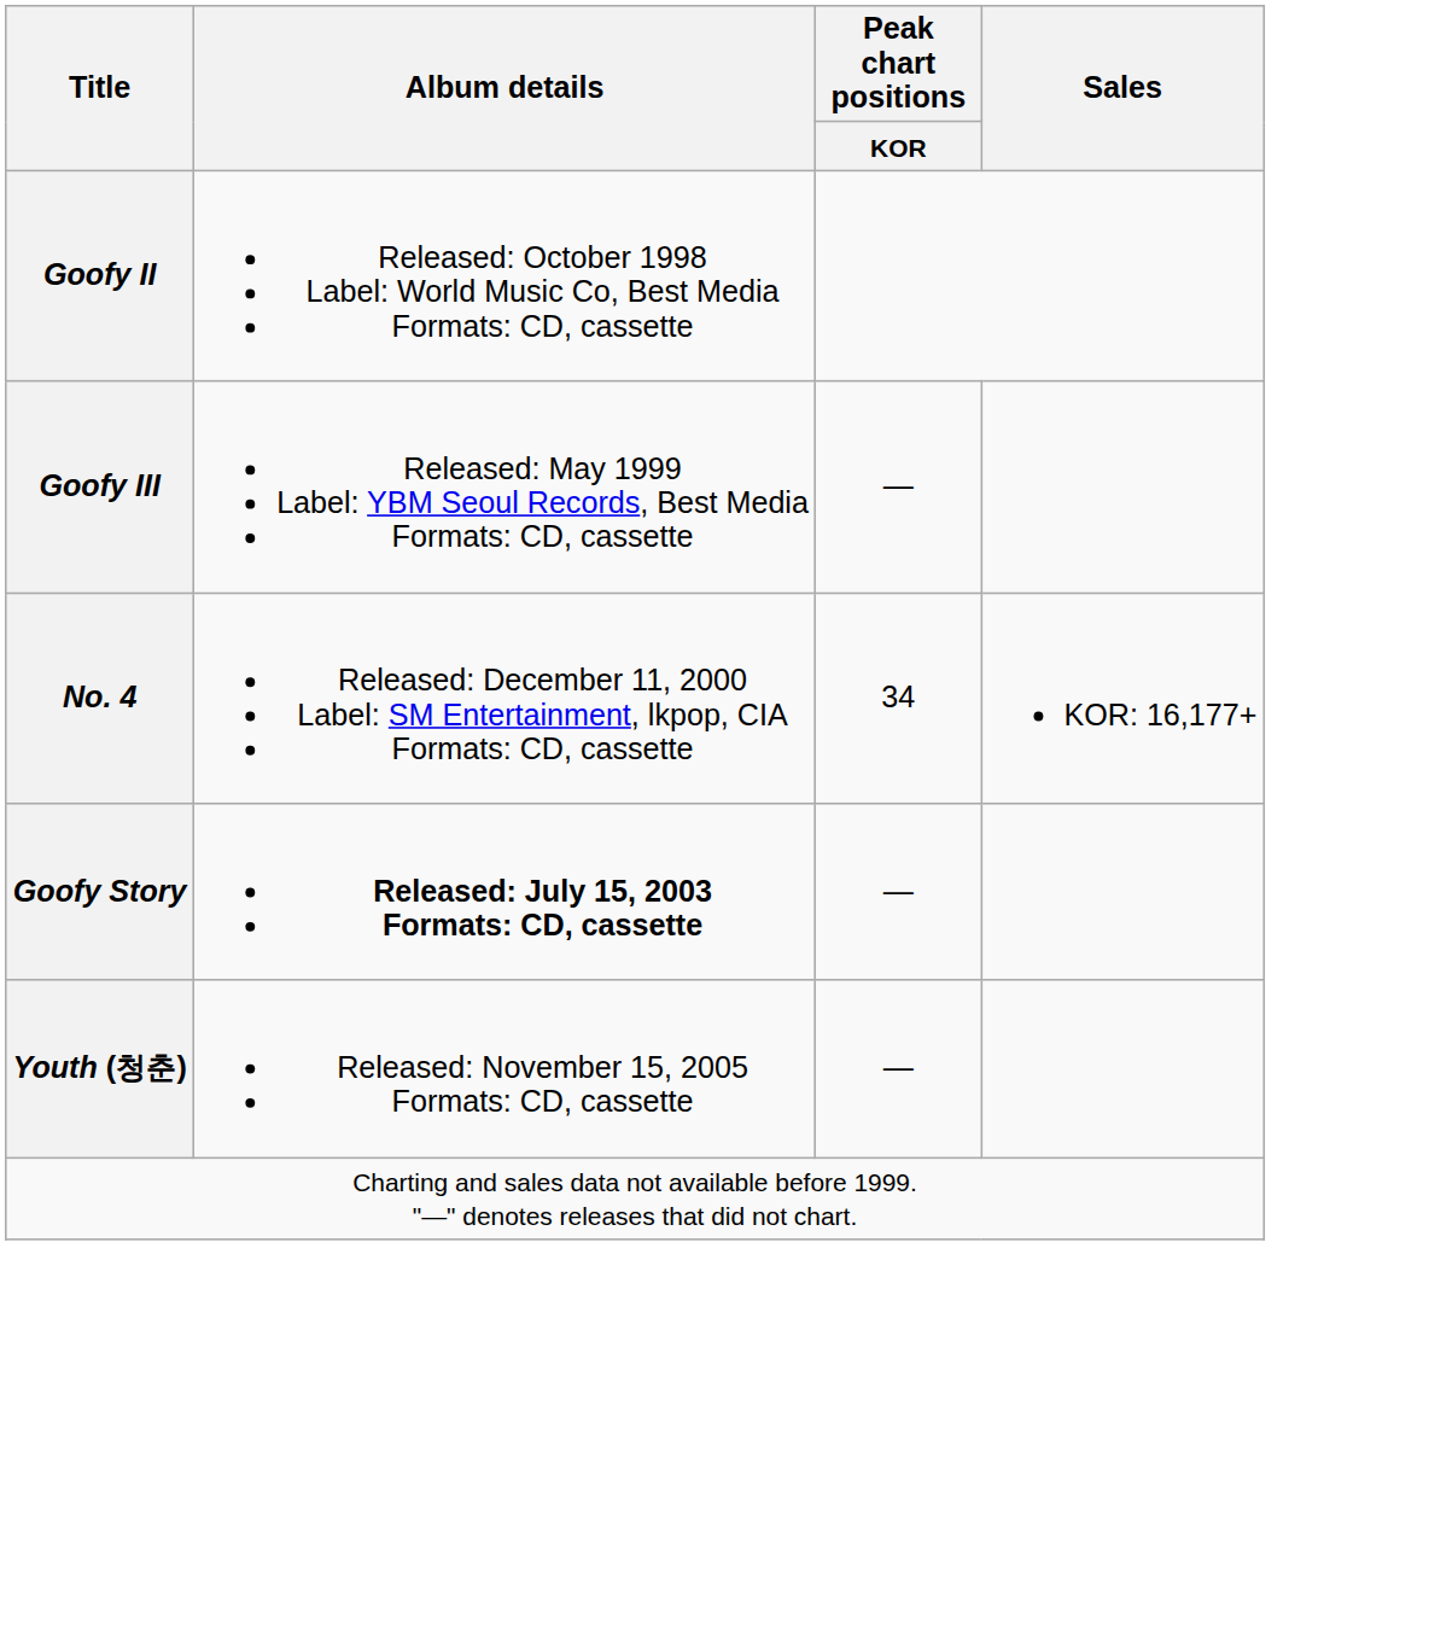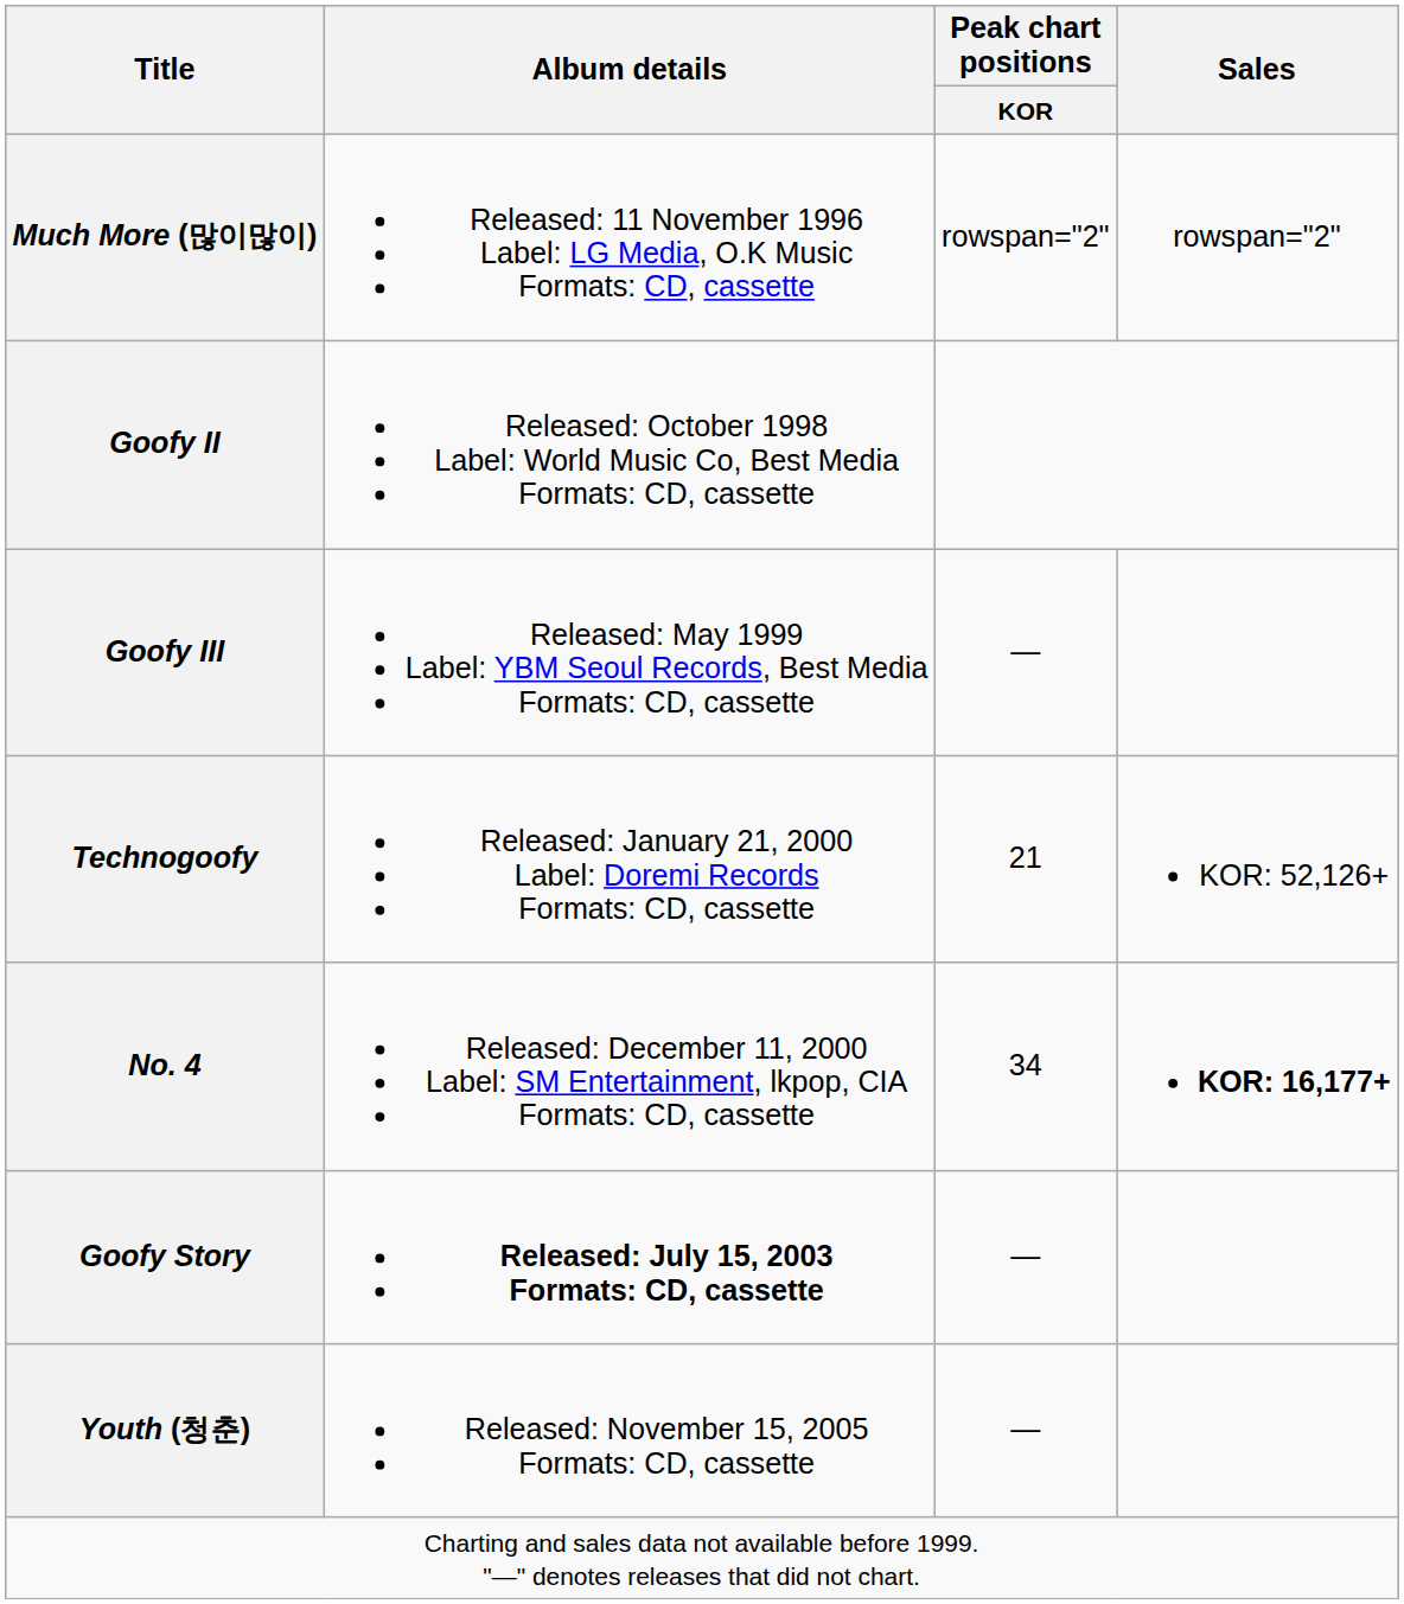 <table class="wikitable plainrowheaders" style="text-align:center;">
 <tr>
 <th scope="col" rowspan="2">Title</th>
 <th scope="col" rowspan="2">Album details</th>
 <th scope="col" colspan="1" style="width:5em;">Peak chart positions</th>
 <th scope="col" rowspan="2">Sales</th>
 </tr>
 <tr>
 <th><small>KOR</small><br></th>
+</tr>
+<tr>
+<th scope="row"><em>Much More</em> (많이많이)</th>
+<td><br><ul><li>Released: 11 November 1996</li><li>Label: <a href='#'>LG Media</a>, O.K Music</li><li>Formats: <a href='#'>CD</a>, <a href='#'>cassette</a></li></ul></td>
+<td>rowspan="2" </td>
+<td>rowspan="2" </td>
 </tr>
 <tr>
 <th scope="row"><em>Goofy II</em></th>
 <td><br><ul><li>Released: October 1998</li><li>Label: World Music Co, Best Media</li><li>Formats: CD, cassette</li></ul></td>
 </tr>
 <tr>
 <th scope="row"><em>Goofy III</em></th>
 <td><br><ul><li>Released: May 1999</li><li>Label: <a href='#'>YBM Seoul Records</a>, Best Media</li><li>Formats: CD, cassette</li></ul></td>
 <td>—</td>
 <td></td>
 </tr>
 <tr>
+<th scope="row"><em>Technogoofy</em></th>
+<td><br><ul><li>Released: January 21, 2000</li><li>Label: <a href='#'>Doremi Records</a></li><li>Formats: CD, cassette</li></ul></td>
+<td>21</td>
+<td><br><ul><li>KOR: 52,126+</li></ul></td>
+</tr>
+<tr>
 <th scope="row"><em>No. 4</em></th>
 <td><br><ul><li>Released: December 11, 2000</li><li>Label: <a href='#'>SM Entertainment</a>, lkpop, CIA</li><li>Formats: CD, cassette</li></ul></td>
 <td>34</td>
-<td><br><ul><li>KOR: 16,177+</li></ul></td>
+<td><strong><br><ul><li>KOR: 16,177+</li></ul></strong></td>
 </tr>
 <tr>
 <th scope="row"><em>Goofy Story</em></th>
 <td><strong><br><ul><li>Released: July 15, 2003</li><li>Formats: CD, cassette</li></ul></strong></td>
 <td>—</td>
 <td></td>
 </tr>
 <tr>
 <th scope="row"><em>Youth</em> (청춘)</th>
 <td><br><ul><li>Released: November 15, 2005</li><li>Formats: CD, cassette</li></ul></td>
 <td>—</td>
 <td></td>
 </tr>
 <tr>
 <td colspan="4" align="center"><small>Charting and sales data not available before 1999.<br>"—" denotes releases that did not chart.</small></td>
 </tr>
 </table>
